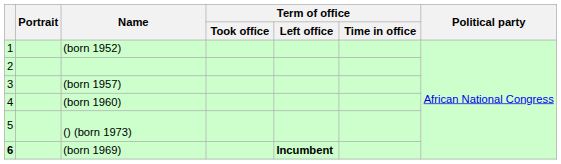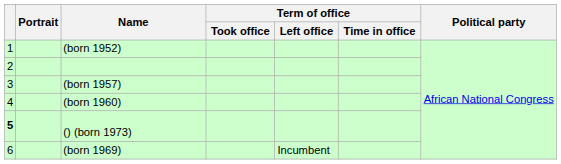 <table class="wikitable sortable">
 <tr>
 <th rowspan="2"></th>
 <th rowspan="2">Portrait</th>
 <th rowspan="2" width="200px">Name<br></th>
 <th colspan="3" width="300px">Term of office</th>
 <th rowspan="2">Political party</th>
 </tr>
 <tr>
 <th>Took office</th>
 <th>Left office</th>
 <th>Time in office</th>
 </tr>
 <tr bgcolor=#CCFFCC>
 <td>1</td>
 <td></td>
 <td> (born 1952)</td>
 <td></td>
 <td></td>
 <td></td>
 <td rowspan=6><a href='#'>African National Congress</a></td>
 </tr>
 <tr bgcolor=#CCFFCC>
 <td>2</td>
 <td></td>
 <td></td>
 <td></td>
 <td></td>
 <td></td>
 </tr>
 <tr bgcolor=#CCFFCC>
 <td>3</td>
 <td></td>
 <td> (born 1957)</td>
 <td></td>
 <td></td>
 <td></td>
 </tr>
 <tr bgcolor=#CCFFCC>
 <td>4</td>
 <td></td>
 <td> (born 1960)</td>
 <td></td>
 <td></td>
 <td></td>
 </tr>
 <tr bgcolor=#CCFFCC>
-<td>5</td>
+<td><strong>5</strong></td>
 <td></td>
 <td> <br>() (born 1973)</td>
 <td></td>
 <td></td>
 <td></td>
 </tr>
 <tr bgcolor=#CCFFCC>
-<td><strong>6</strong></td>
+<td>6</td>
 <td></td>
 <td> (born 1969)</td>
 <td></td>
-<td><strong>Incumbent</strong></td>
+<td>Incumbent</td>
 <td></td>
 </tr>
 </table>
